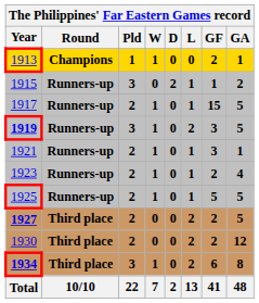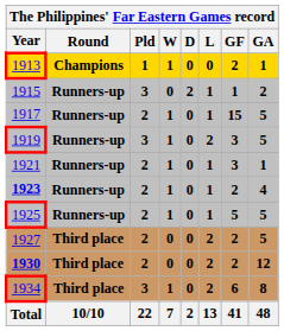 <table class="wikitable collapsible collapsed" style="text-align: center; font-size:95%">
 <tr>
 <th colspan=14>The Philippines' <a href='#'>Far Eastern Games</a> record</th>
 </tr>
 <tr>
 <th>Year</th>
 <th>Round</th>
 <th>Pld</th>
 <th>W</th>
 <th>D</th>
 <th>L</th>
 <th>GF</th>
 <th>GA</th>
 </tr>
 <tr style="background:gold;">
 <td style="border: 3px solid red"> <a href='#'>1913</a></td>
 <td><strong>Champions</strong></td>
 <td><strong>1</strong></td>
 <td><strong>1</strong></td>
 <td><strong>0</strong></td>
 <td><strong>0</strong></td>
 <td><strong>2</strong></td>
 <td><strong>1</strong></td>
 </tr>
 <tr style="background:silver;">
 <td> <a href='#'>1915</a></td>
 <td><strong>Runners-up</strong></td>
 <td><strong>3</strong></td>
 <td><strong>0</strong></td>
 <td><strong>2</strong></td>
 <td><strong>1</strong></td>
 <td><strong>1</strong></td>
 <td><strong>2</strong></td>
 </tr>
 <tr style="background:silver;">
 <td> <a href='#'>1917</a></td>
 <td><strong>Runners-up</strong></td>
 <td><strong>2</strong></td>
 <td><strong>1</strong></td>
 <td><strong>0</strong></td>
 <td><strong>1</strong></td>
 <td><strong>15</strong></td>
 <td><strong>5</strong></td>
 </tr>
 <tr style="background:silver;">
-<td style="border: 3px solid red"><strong> <a href='#'>1919</a></strong></td>
+<td style="border: 3px solid red"> <a href='#'>1919</a></td>
 <td><strong>Runners-up</strong></td>
 <td><strong>3</strong></td>
 <td><strong>1</strong></td>
 <td><strong>0</strong></td>
 <td><strong>2</strong></td>
 <td><strong>3</strong></td>
 <td><strong>5</strong></td>
 </tr>
 <tr style="background:silver;">
 <td> <a href='#'>1921</a></td>
 <td><strong>Runners-up</strong></td>
 <td><strong>2</strong></td>
 <td><strong>1</strong></td>
 <td><strong>0</strong></td>
 <td><strong>1</strong></td>
 <td><strong>3</strong></td>
 <td><strong>1</strong></td>
 </tr>
 <tr style="background:silver;">
-<td> <a href='#'>1923</a></td>
+<td><strong> <a href='#'>1923</a></strong></td>
 <td><strong>Runners-up</strong></td>
 <td><strong>2</strong></td>
 <td><strong>1</strong></td>
 <td><strong>0</strong></td>
 <td><strong>1</strong></td>
 <td><strong>2</strong></td>
 <td><strong>4</strong></td>
 </tr>
 <tr style="background:silver;">
 <td style="border: 3px solid red"> <a href='#'>1925</a></td>
 <td><strong>Runners-up</strong></td>
 <td><strong>2</strong></td>
 <td><strong>1</strong></td>
 <td><strong>0</strong></td>
 <td><strong>1</strong></td>
 <td><strong>5</strong></td>
 <td><strong>5</strong></td>
 </tr>
 <tr style="background:#c96;">
-<td><strong> <a href='#'>1927</a></strong></td>
+<td> <a href='#'>1927</a></td>
 <td><strong>Third place</strong></td>
 <td><strong>2</strong></td>
 <td><strong>0</strong></td>
 <td><strong>0</strong></td>
 <td><strong>2</strong></td>
 <td><strong>2</strong></td>
 <td><strong>5</strong></td>
 </tr>
 <tr style="background:#c96;">
-<td> <a href='#'>1930</a></td>
+<td><strong> <a href='#'>1930</a></strong></td>
 <td><strong>Third place</strong></td>
 <td><strong>2</strong></td>
 <td><strong>0</strong></td>
 <td><strong>0</strong></td>
 <td><strong>2</strong></td>
 <td><strong>2</strong></td>
 <td><strong>12</strong></td>
 </tr>
 <tr style="background:#c96;">
-<td style="border: 3px solid red"><strong> <a href='#'>1934</a></strong></td>
+<td style="border: 3px solid red"> <a href='#'>1934</a></td>
 <td><strong>Third place</strong></td>
 <td><strong>3</strong></td>
 <td><strong>1</strong></td>
 <td><strong>0</strong></td>
 <td><strong>2</strong></td>
 <td><strong>6</strong></td>
 <td><strong>8</strong></td>
 </tr>
 <tr>
 <th><strong>Total</strong></th>
 <th>10/10</th>
 <th>22</th>
 <th>7</th>
 <th>2</th>
 <th>13</th>
 <th>41</th>
 <th>48</th>
 </tr>
 </table>
